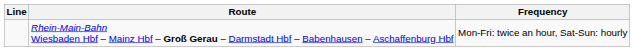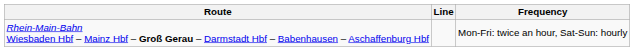 <table class="wikitable">
 <tr>
+<th>Route</th>
 <th>Line</th>
-<th>Route</th>
 <th>Frequency</th>
 </tr>
 <tr>
+<td><em><a href='#'>Rhein-Main-Bahn</a></em><br> <a href='#'>Wiesbaden Hbf</a> – <a href='#'>Mainz Hbf</a> – <strong>Groß Gerau</strong> – <a href='#'>Darmstadt Hbf</a> – <a href='#'>Babenhausen</a> – <a href='#'>Aschaffenburg Hbf</a></td>
 <td></td>
-<td><em><a href='#'>Rhein-Main-Bahn</a></em><br> <a href='#'>Wiesbaden Hbf</a> – <a href='#'>Mainz Hbf</a> – <strong>Groß Gerau</strong> – <a href='#'>Darmstadt Hbf</a> – <a href='#'>Babenhausen</a> – <a href='#'>Aschaffenburg Hbf</a></td>
 <td>Mon-Fri: twice an hour, Sat-Sun: hourly</td>
 </tr>
 </table>
